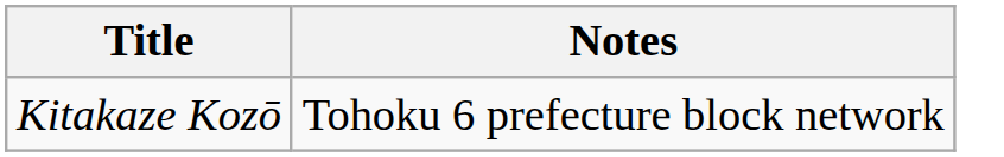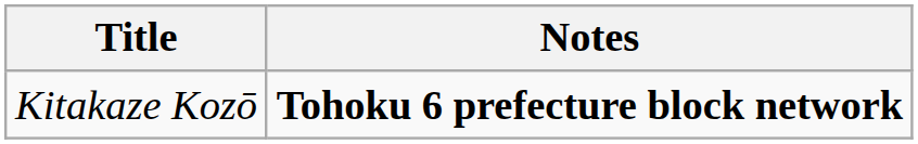 <table class="wikitable">
 <tr>
 <th>Title</th>
 <th>Notes</th>
 </tr>
 <tr>
 <td><em>Kitakaze Kozō</em></td>
-<td>Tohoku 6 prefecture block network</td>
+<td><strong>Tohoku 6 prefecture block network</strong></td>
 </tr>
 </table>
